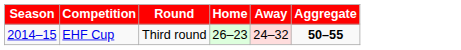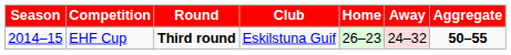 <table class="wikitable" style="text-align: left">
 <tr>
 <th style="color:#FFFFFF; background:red">Season</th>
 <th style="color:#FFFFFF; background:red">Competition</th>
 <th style="color:#FFFFFF; background:red">Round</th>
+<th style="color:#FFFFFF; background:red">Club</th>
 <th style="color:#FFFFFF; background:red">Home</th>
 <th style="color:#FFFFFF; background:red">Away</th>
 <th style="color:#FFFFFF; background:red">Aggregate</th>
 </tr>
 <tr>
 <td rowspan=1><a href='#'>2014–15</a></td>
 <td rowspan=1><a href='#'>EHF Cup</a></td>
-<td>Third round</td>
+<td><strong>Third round</strong></td>
+<td> <a href='#'>Eskilstuna Guif</a></td>
 <td style="text-align:center; background:#dfd;">26–23</td>
 <td style="text-align:center; background:#fdd;">24–32</td>
 <td style="text-align:center;"><strong>50–55</strong></td>
 </tr>
 </table>
